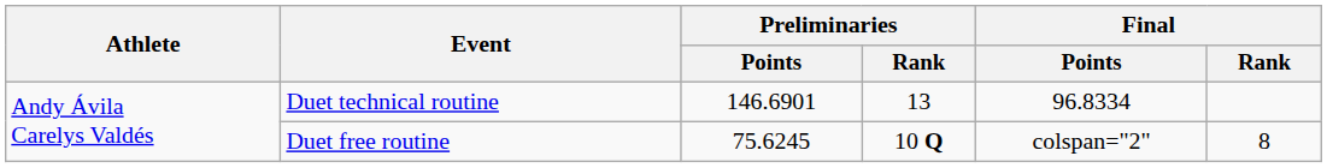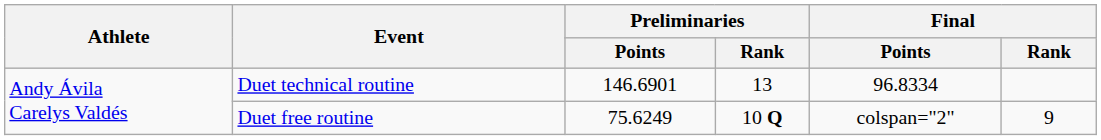 <table class="wikitable" style="text-align:center; font-size:90%; width:50%;">
 <tr>
 <th rowspan="2">Athlete</th>
 <th rowspan="2">Event</th>
 <th colspan="2">Preliminaries</th>
 <th colspan="2">Final</th>
 </tr>
 <tr style="font-size:95%">
 <th>Points</th>
 <th>Rank</th>
 <th>Points</th>
 <th>Rank</th>
 </tr>
 <tr>
 <td align=left rowspan=2><a href='#'>Andy Ávila</a><br><a href='#'>Carelys Valdés</a></td>
 <td align=left><a href='#'>Duet technical routine</a></td>
 <td>146.6901</td>
 <td>13</td>
 <td>96.8334</td>
 </tr>
 <tr>
 <td align=left><a href='#'>Duet free routine</a></td>
-<td>75.6245</td>
+<td>75.6249</td>
 <td>10 <strong>Q</strong></td>
 <td>colspan="2" </td>
-<td>8</td>
+<td>9</td>
 </tr>
 </table>
